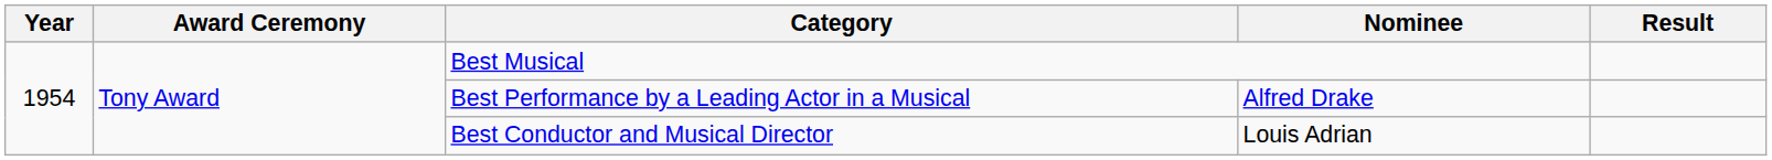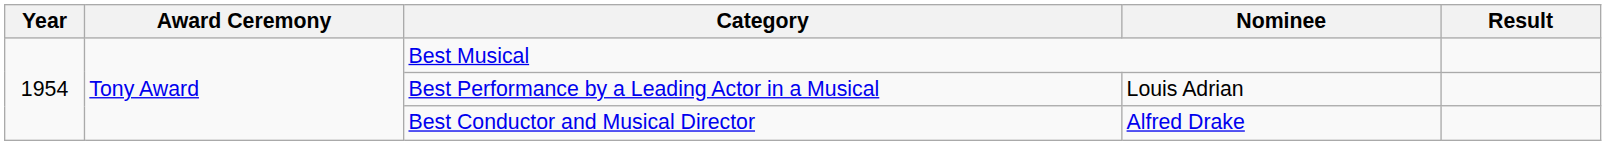 <table class="wikitable" width="95%">
 <tr>
 <th width="5%">Year</th>
 <th width="20%">Award Ceremony</th>
 <th width="45%">Category</th>
 <th width="20%">Nominee</th>
 <th width="10%">Result</th>
 </tr>
 <tr>
 <td rowspan="3" align="center">1954</td>
 <td rowspan="3"><a href='#'>Tony Award</a></td>
 <td colspan="2"><a href='#'>Best Musical</a></td>
 <td></td>
 </tr>
 <tr>
 <td><a href='#'>Best Performance by a Leading Actor in a Musical</a></td>
-<td><a href='#'>Alfred Drake</a></td>
+<td>Louis Adrian</td>
 <td></td>
 </tr>
 <tr>
 <td><a href='#'>Best Conductor and Musical Director</a></td>
-<td>Louis Adrian</td>
+<td><a href='#'>Alfred Drake</a></td>
 <td></td>
 </tr>
 </table>
